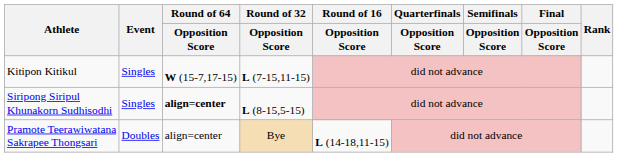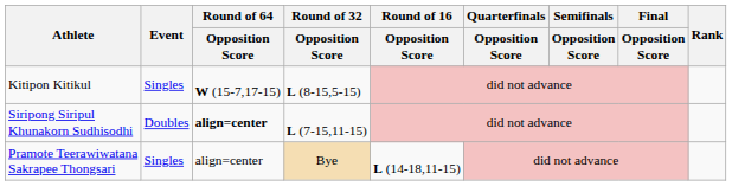 <table class=wikitable style="font-size:90%">
 <tr>
 <th rowspan="2">Athlete</th>
 <th rowspan="2">Event</th>
 <th>Round of 64</th>
 <th>Round of 32</th>
 <th>Round of 16</th>
 <th>Quarterfinals</th>
 <th>Semifinals</th>
 <th>Final</th>
 <th rowspan="2">Rank</th>
 </tr>
 <tr>
 <th>Opposition<br>Score</th>
 <th>Opposition<br>Score</th>
 <th>Opposition<br>Score</th>
 <th>Opposition<br>Score</th>
 <th>Opposition<br>Score</th>
 <th>Opposition<br>Score</th>
 </tr>
 <tr>
 <td>Kitipon Kitikul</td>
 <td><a href='#'>Singles</a></td>
 <td><br> <strong>W</strong> (15-7,17-15)</td>
+<td><br> <strong>L</strong> (8-15,5-15)</td>
+<td bgcolor="f4c2c2" colspan=4 align="center">did not advance</td>
+<td></td>
+</tr>
+<tr>
+<td><a href='#'>Siripong Siripul</a><br><a href='#'>Khunakorn Sudhisodhi</a></td>
+<td><a href='#'>Doubles</a></td>
+<td><strong>align=center </strong></td>
 <td><br> <strong>L</strong> (7-15,11-15)</td>
 <td bgcolor="f4c2c2" colspan=4 align="center">did not advance</td>
 <td></td>
 </tr>
 <tr>
-<td><a href='#'>Siripong Siripul</a><br><a href='#'>Khunakorn Sudhisodhi</a></td>
+<td><a href='#'>Pramote Teerawiwatana</a><br><a href='#'>Sakrapee Thongsari</a></td>
 <td><a href='#'>Singles</a></td>
-<td><strong>align=center </strong></td>
-<td><br> <strong>L</strong> (8-15,5-15)</td>
-<td bgcolor="f4c2c2" colspan=4 align="center">did not advance</td>
-<td></td>
-</tr>
-<tr>
-<td><a href='#'>Pramote Teerawiwatana</a><br><a href='#'>Sakrapee Thongsari</a></td>
-<td><a href='#'>Doubles</a></td>
 <td>align=center </td>
 <td bgcolor = "wheat" align=center>Bye</td>
 <td><br> <strong>L</strong> (14-18,11-15)</td>
 <td bgcolor="f4c2c2" colspan=3 align="center">did not advance</td>
 <td></td>
 </tr>
 </table>
